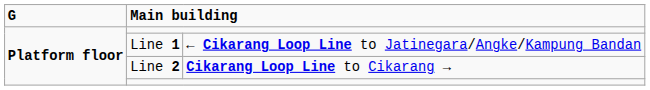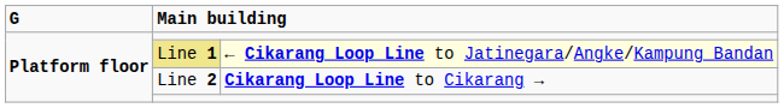 <table class="wikitable">
 <tr>
 <td><strong>G</strong></td>
 <td colspan="2"><strong>Main building</strong></td>
 </tr>
 <tr>
 <td rowspan="4"><strong>Platform floor</strong></td>
 <td colspan="2"></td>
 </tr>
 <tr>
-<td>Line <strong>1</strong></td>
-<td>←   <strong><a href='#'>Cikarang Loop Line</a></strong> to <a href='#'>Jatinegara</a>/<a href='#'>Angke</a>/<a href='#'>Kampung Bandan</a></td>
+<td style="background: khaki;">Line <strong>1</strong></td>
+<td style="background: lightyellow;">←   <strong><a href='#'>Cikarang Loop Line</a></strong> to <a href='#'>Jatinegara</a>/<a href='#'>Angke</a>/<a href='#'>Kampung Bandan</a></td>
 </tr>
 <tr>
 <td>Line <strong>2</strong></td>
 <td> <strong><a href='#'>Cikarang Loop Line</a></strong> to <a href='#'>Cikarang</a>  →</td>
 </tr>
 <tr>
 <td colspan="2"></td>
 </tr>
 </table>
